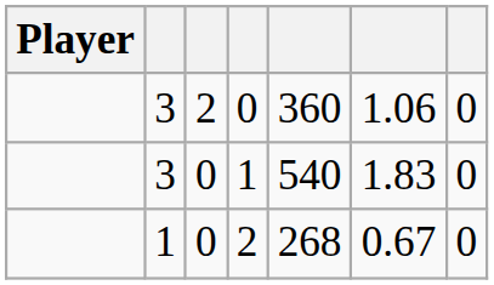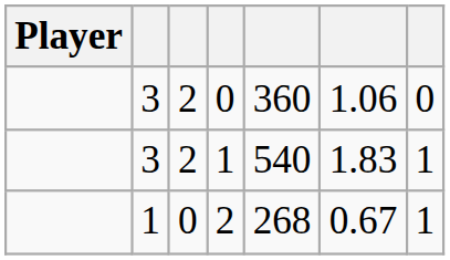 <table class="wikitable sortable" style="text-align:center;">
 <tr>
 <th>Player</th>
 <th></th>
 <th></th>
 <th></th>
 <th></th>
 <th></th>
 <th></th>
 </tr>
 <tr>
 <td style="text-align:left;"></td>
 <td>3</td>
 <td>2</td>
 <td>0</td>
 <td>360</td>
 <td>1.06</td>
 <td>0</td>
 </tr>
 <tr>
 <td style="text-align:left;"></td>
 <td>3</td>
-<td>0</td>
+<td>2</td>
 <td>1</td>
 <td>540</td>
 <td>1.83</td>
-<td>0</td>
+<td>1</td>
 </tr>
 <tr>
 <td style="text-align:left;"></td>
 <td>1</td>
 <td>0</td>
 <td>2</td>
 <td>268</td>
 <td>0.67</td>
-<td>0</td>
+<td>1</td>
 </tr>
 </table>
